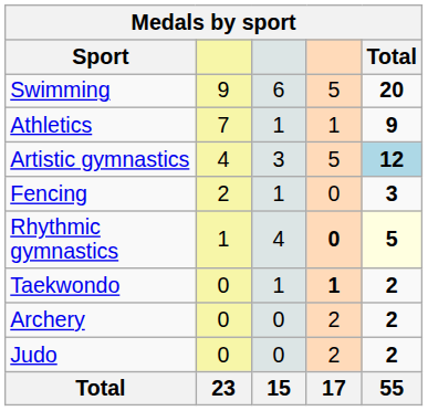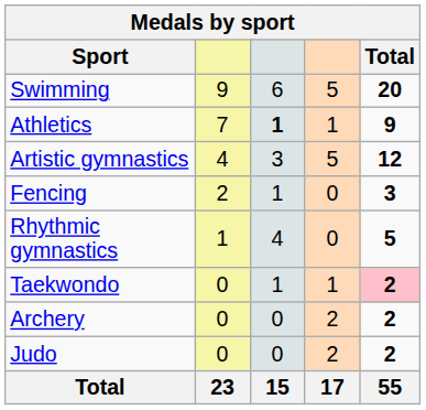 <table class="wikitable" style="font-size:90%; text-align:center;">
 <tr>
 <th colspan=5>Medals by sport</th>
 </tr>
 <tr>
 <th width=120>Sport</th>
 <th scope="col" width=30 style="background:#F7F6A8;"></th>
 <th scope="col" width=30 style="background:#DCE5E5;"></th>
 <th scope="col" width=30 style="background:#FFDAB9;"></th>
 <th width=30>Total</th>
 </tr>
 <tr>
 <td align=left><a href='#'>Swimming</a></td>
 <td style="background:#F7F6A8;">9</td>
 <td style="background:#DCE5E5;">6</td>
 <td style="background:#FFDAB9;">5</td>
 <td><strong>20</strong></td>
 </tr>
 <tr>
 <td align=left><a href='#'>Athletics</a></td>
 <td style="background:#F7F6A8;">7</td>
-<td style="background:#DCE5E5;">1</td>
+<td style="background:#DCE5E5;"><strong>1</strong></td>
 <td style="background:#FFDAB9;">1</td>
 <td><strong>9</strong></td>
 </tr>
 <tr>
 <td align=left><a href='#'>Artistic gymnastics</a></td>
 <td style="background:#F7F6A8;">4</td>
 <td style="background:#DCE5E5;">3</td>
 <td style="background:#FFDAB9;">5</td>
-<td style="background: lightblue;"><strong>12</strong></td>
+<td><strong>12</strong></td>
 </tr>
 <tr>
 <td align=left><a href='#'>Fencing</a></td>
 <td style="background:#F7F6A8;">2</td>
 <td style="background:#DCE5E5;">1</td>
 <td style="background:#FFDAB9;">0</td>
 <td><strong>3</strong></td>
 </tr>
 <tr>
 <td align=left><a href='#'>Rhythmic gymnastics</a></td>
 <td style="background:#F7F6A8;">1</td>
 <td style="background:#DCE5E5;">4</td>
-<td style="background:#FFDAB9;"><strong>0</strong></td>
-<td style="background: lightyellow;"><strong>5</strong></td>
+<td style="background:#FFDAB9;">0</td>
+<td><strong>5</strong></td>
 </tr>
 <tr>
 <td align=left><a href='#'>Taekwondo</a></td>
 <td style="background:#F7F6A8;">0</td>
 <td style="background:#DCE5E5;">1</td>
-<td style="background:#FFDAB9;"><strong>1</strong></td>
-<td><strong>2</strong></td>
+<td style="background:#FFDAB9;">1</td>
+<td style="background: pink;"><strong>2</strong></td>
 </tr>
 <tr>
 <td align=left><a href='#'>Archery</a></td>
 <td style="background:#F7F6A8;">0</td>
 <td style="background:#DCE5E5;">0</td>
 <td style="background:#FFDAB9;">2</td>
 <td><strong>2</strong></td>
 </tr>
 <tr>
 <td align=left><a href='#'>Judo</a></td>
 <td style="background:#F7F6A8;">0</td>
 <td style="background:#DCE5E5;">0</td>
 <td style="background:#FFDAB9;">2</td>
 <td><strong>2</strong></td>
 </tr>
 <tr class="sortbottom">
 <th>Total</th>
 <th>23</th>
 <th>15</th>
 <th>17</th>
 <th>55</th>
 </tr>
 </table>
